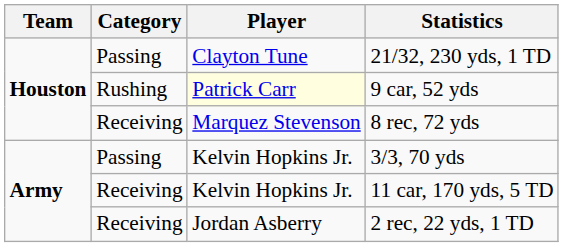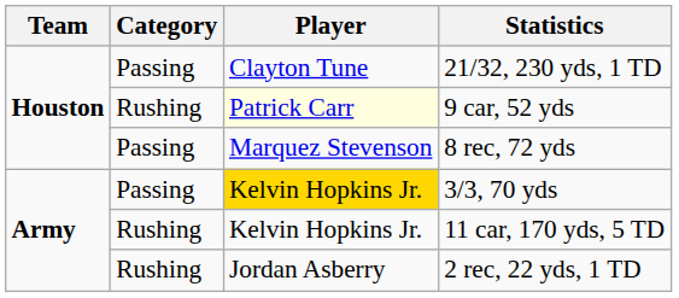 <table class="wikitable">
 <tr>
 <th>Team</th>
 <th>Category</th>
 <th>Player</th>
 <th>Statistics</th>
 </tr>
 <tr>
 <td rowspan=3><strong>Houston</strong></td>
 <td>Passing</td>
 <td><a href='#'>Clayton Tune</a></td>
 <td>21/32, 230 yds, 1 TD</td>
 </tr>
 <tr>
 <td>Rushing</td>
 <td style="background: lightyellow;"><a href='#'>Patrick Carr</a></td>
 <td>9 car, 52 yds</td>
 </tr>
 <tr>
-<td>Receiving</td>
+<td>Passing</td>
 <td><a href='#'>Marquez Stevenson</a></td>
 <td>8 rec, 72 yds</td>
 </tr>
 <tr>
 <td rowspan=3><strong>Army</strong></td>
 <td>Passing</td>
-<td>Kelvin Hopkins Jr.</td>
+<td style="background: gold;">Kelvin Hopkins Jr.</td>
 <td>3/3, 70 yds</td>
 </tr>
 <tr>
-<td>Receiving</td>
+<td>Rushing</td>
 <td>Kelvin Hopkins Jr.</td>
 <td>11 car, 170 yds, 5 TD</td>
 </tr>
 <tr>
-<td>Receiving</td>
+<td>Rushing</td>
 <td>Jordan Asberry</td>
 <td>2 rec, 22 yds, 1 TD</td>
 </tr>
 </table>
